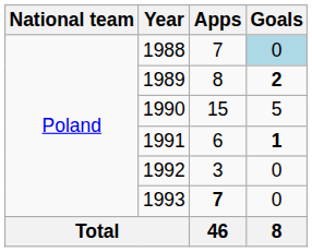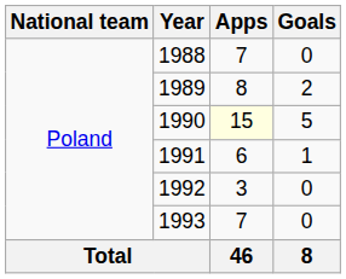 <table class="wikitable" style="text-align:center">
 <tr>
 <th>National team</th>
 <th>Year</th>
 <th>Apps</th>
 <th>Goals</th>
 </tr>
 <tr>
 <td rowspan="6"><a href='#'>Poland</a></td>
 <td>1988</td>
 <td>7</td>
-<td style="background: lightblue;">0</td>
+<td>0</td>
 </tr>
 <tr>
 <td>1989</td>
 <td>8</td>
-<td><strong>2</strong></td>
+<td>2</td>
 </tr>
 <tr>
 <td>1990</td>
-<td>15</td>
+<td style="background: lightyellow;">15</td>
 <td>5</td>
 </tr>
 <tr>
 <td>1991</td>
 <td>6</td>
-<td><strong>1</strong></td>
+<td>1</td>
 </tr>
 <tr>
 <td>1992</td>
 <td>3</td>
 <td>0</td>
 </tr>
 <tr>
 <td>1993</td>
-<td><strong>7</strong></td>
+<td>7</td>
 <td>0</td>
 </tr>
 <tr>
 <th colspan="2">Total</th>
 <th>46</th>
 <th>8</th>
 </tr>
 </table>
